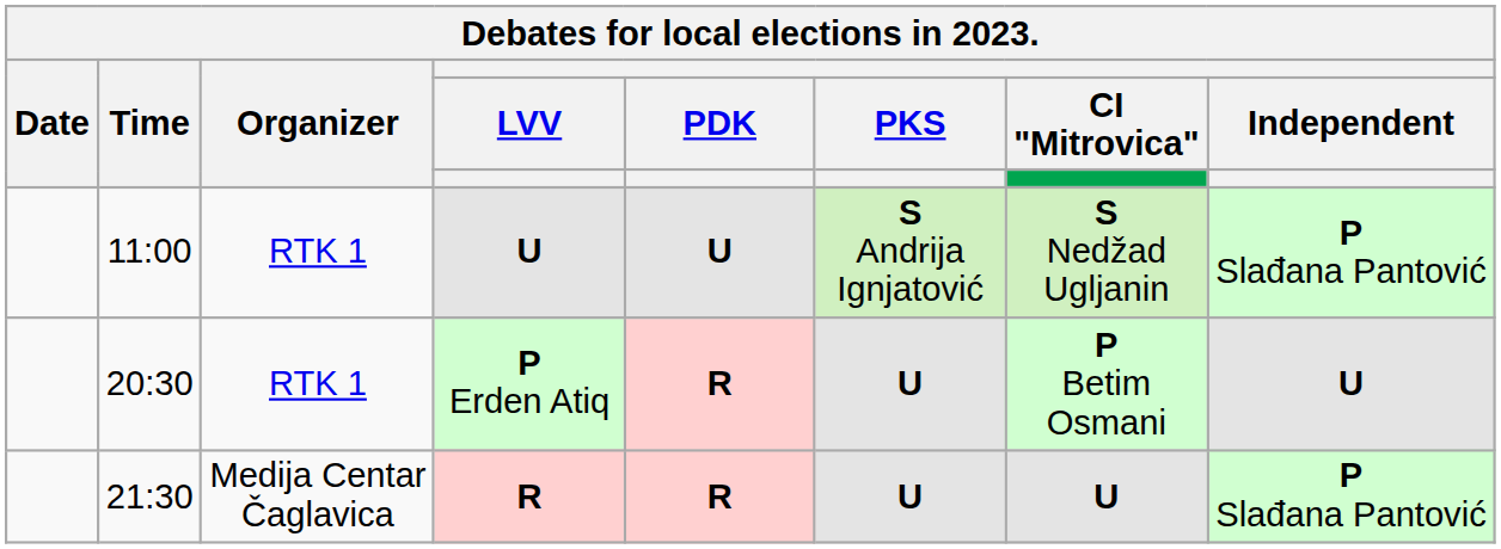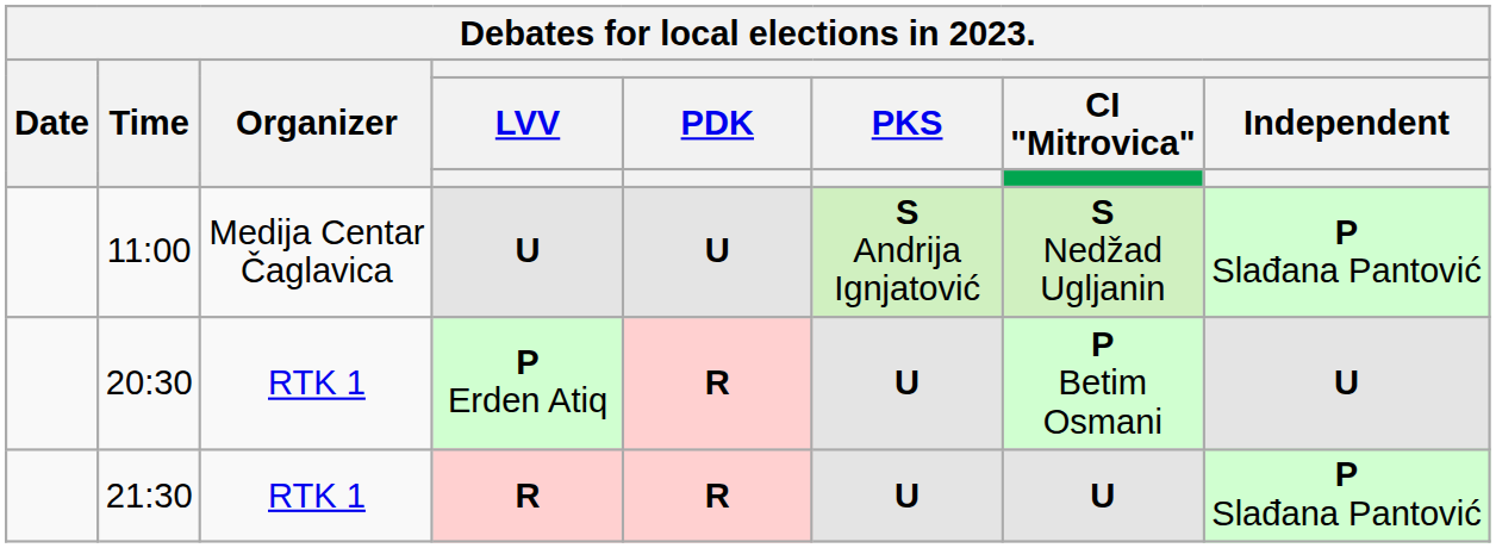 <table class="wikitable" style="font-size:85%; line-height:15px; text-align:center;">
 <tr>
 <th colspan="17">Debates for local elections in 2023.</th>
 </tr>
 <tr>
 <th rowspan="3">Date</th>
 <th rowspan="3">Time</th>
 <th rowspan="3">Organizer</th>
 <th colspan="14">        </th>
 </tr>
 <tr>
 <th scope="col" style="width:5em;"><a href='#'>LVV</a></th>
 <th scope="col" style="width:5em;"><a href='#'>PDK</a></th>
 <th scope="col" style="width:5em;"><a href='#'>PKS</a></th>
 <th scope="col" style="width:5em;">CI "Mitrovica"</th>
 <th>Independent</th>
 </tr>
 <tr>
 <th style="background:"></th>
 <th style="background:"></th>
 <th style="background:"></th>
 <th style="background:#00A54F"></th>
 <th style="background:"></th>
 </tr>
 <tr>
 <td></td>
 <td>11:00</td>
-<td><a href='#'>RTK 1</a></td>
+<td>Medija Centar<br>Čaglavica</td>
 <td style="background:#E4E4E4;"><strong>U</strong></td>
 <td style="background:#E4E4E4;"><strong>U</strong></td>
 <td style="background:#D0F0C0;"><strong>S</strong><br>Andrija Ignjatović</td>
 <td style="background:#D0F0C0;"><strong>S</strong><br>Nedžad Ugljanin</td>
 <td style="background:#D0FFD0;"><strong>P</strong><br>Slađana Pantović</td>
 </tr>
 <tr>
 <td></td>
 <td>20:30</td>
 <td><a href='#'>RTK 1</a></td>
 <td style="background:#D0FFD0;"><strong>P</strong><br>Erden Atiq</td>
 <td style="background:#FFD0D0;"><strong>R</strong></td>
 <td style="background:#E4E4E4;"><strong>U</strong></td>
 <td style="background:#D0FFD0;"><strong>P</strong><br>Betim Osmani</td>
 <td style="background:#E4E4E4;"><strong>U</strong></td>
 </tr>
 <tr>
 <td></td>
 <td>21:30</td>
-<td>Medija Centar<br>Čaglavica</td>
+<td><a href='#'>RTK 1</a></td>
 <td style="background:#FFD0D0;"><strong>R</strong></td>
 <td style="background:#FFD0D0;"><strong>R</strong></td>
 <td style="background:#E4E4E4;"><strong>U</strong></td>
 <td style="background:#E4E4E4;"><strong>U</strong></td>
 <td style="background:#D0FFD0;"><strong>P</strong><br>Slađana Pantović</td>
 </tr>
 </table>
